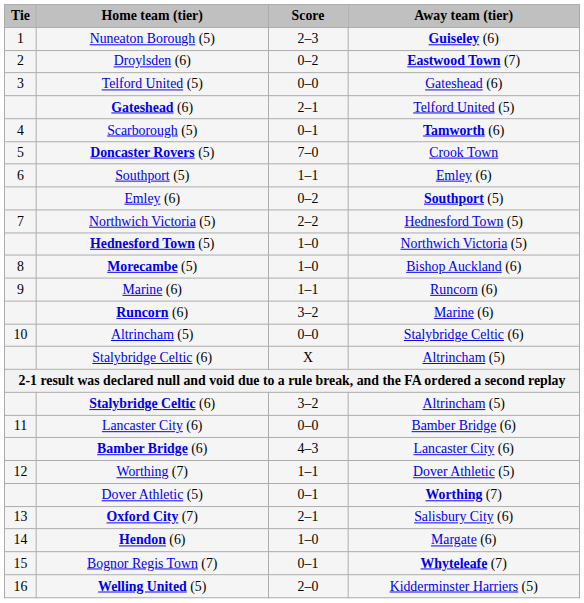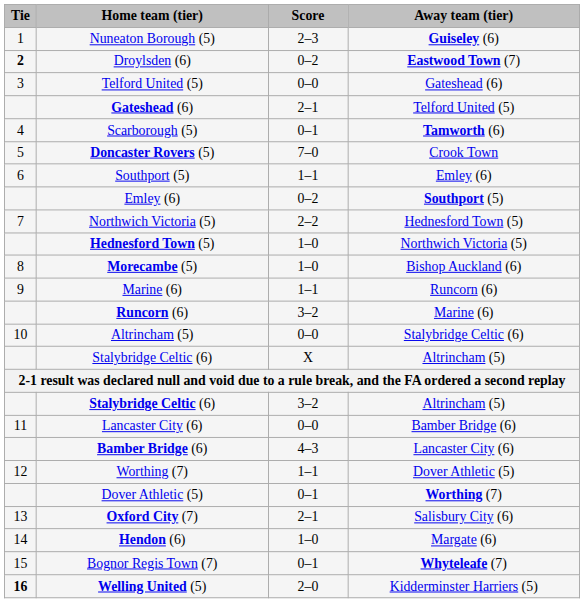 <table class="wikitable" style="width: 600px; background:WhiteSmoke; text-align:center; font-size:90%">
 <tr>
 <td scope="col" style="width:  5.00%; background:silver;"><strong>Tie</strong></td>
 <td scope="col" style="width: 36.25%; background:silver;"><strong>Home team (tier)</strong></td>
 <td scope="col" style="width: 12.50%; background:silver;"><strong>Score</strong></td>
 <td scope="col" style="width: 36.25%; background:silver;"><strong>Away team (tier)</strong></td>
 </tr>
 <tr>
 <td>1</td>
 <td><a href='#'>Nuneaton Borough</a> (5)</td>
 <td>2–3</td>
 <td><strong><a href='#'>Guiseley</a></strong> (6)</td>
 </tr>
 <tr>
-<td>2</td>
+<td><strong>2</strong></td>
 <td><a href='#'>Droylsden</a> (6)</td>
 <td>0–2</td>
 <td><strong><a href='#'>Eastwood Town</a></strong> (7)</td>
 </tr>
 <tr>
 <td>3</td>
 <td><a href='#'>Telford United</a> (5)</td>
 <td>0–0</td>
 <td><a href='#'>Gateshead</a> (6)</td>
 </tr>
 <tr>
 <td><em></em></td>
 <td><strong><a href='#'>Gateshead</a></strong> (6)</td>
 <td>2–1</td>
 <td><a href='#'>Telford United</a> (5)</td>
 </tr>
 <tr>
 <td>4</td>
 <td><a href='#'>Scarborough</a> (5)</td>
 <td>0–1</td>
 <td><strong><a href='#'>Tamworth</a></strong> (6)</td>
 </tr>
 <tr>
 <td>5</td>
 <td><strong><a href='#'>Doncaster Rovers</a></strong> (5)</td>
 <td>7–0</td>
 <td><a href='#'>Crook Town</a></td>
 </tr>
 <tr>
 <td>6</td>
 <td><a href='#'>Southport</a> (5)</td>
 <td>1–1</td>
 <td><a href='#'>Emley</a> (6)</td>
 </tr>
 <tr>
 <td><em></em></td>
 <td><a href='#'>Emley</a> (6)</td>
 <td>0–2</td>
 <td><strong><a href='#'>Southport</a></strong> (5)</td>
 </tr>
 <tr>
 <td>7</td>
 <td><a href='#'>Northwich Victoria</a> (5)</td>
 <td>2–2</td>
 <td><a href='#'>Hednesford Town</a> (5)</td>
 </tr>
 <tr>
 <td><em></em></td>
 <td><strong><a href='#'>Hednesford Town</a></strong> (5)</td>
 <td>1–0</td>
 <td><a href='#'>Northwich Victoria</a> (5)</td>
 </tr>
 <tr>
 <td>8</td>
 <td><strong><a href='#'>Morecambe</a></strong> (5)</td>
 <td>1–0</td>
 <td><a href='#'>Bishop Auckland</a> (6)</td>
 </tr>
 <tr>
 <td>9</td>
 <td><a href='#'>Marine</a> (6)</td>
 <td>1–1</td>
 <td><a href='#'>Runcorn</a> (6)</td>
 </tr>
 <tr>
 <td><em></em></td>
 <td><strong><a href='#'>Runcorn</a></strong> (6)</td>
 <td>3–2</td>
 <td><a href='#'>Marine</a> (6)</td>
 </tr>
 <tr>
 <td>10</td>
 <td><a href='#'>Altrincham</a> (5)</td>
 <td>0–0</td>
 <td><a href='#'>Stalybridge Celtic</a> (6)</td>
 </tr>
 <tr>
 <td><em></em></td>
 <td><a href='#'>Stalybridge Celtic</a> (6)</td>
 <td>X</td>
 <td><a href='#'>Altrincham</a> (5)</td>
 </tr>
 <tr>
 <th colspan="5">2-1 result was declared null and void due to a rule break, and the FA ordered a second replay</th>
 </tr>
 <tr>
 <td><em></em></td>
 <td><strong><a href='#'>Stalybridge Celtic</a></strong> (6)</td>
 <td>3–2</td>
 <td><a href='#'>Altrincham</a> (5)</td>
 </tr>
 <tr>
 <td>11</td>
 <td><a href='#'>Lancaster City</a> (6)</td>
 <td>0–0</td>
 <td><a href='#'>Bamber Bridge</a> (6)</td>
 </tr>
 <tr>
 <td><em></em></td>
 <td><strong><a href='#'>Bamber Bridge</a></strong> (6)</td>
 <td>4–3</td>
 <td><a href='#'>Lancaster City</a> (6)</td>
 </tr>
 <tr>
 <td>12</td>
 <td><a href='#'>Worthing</a> (7)</td>
 <td>1–1</td>
 <td><a href='#'>Dover Athletic</a> (5)</td>
 </tr>
 <tr>
 <td><em></em></td>
 <td><a href='#'>Dover Athletic</a> (5)</td>
 <td>0–1</td>
 <td><strong><a href='#'>Worthing</a></strong> (7)</td>
 </tr>
 <tr>
 <td>13</td>
 <td><strong><a href='#'>Oxford City</a></strong> (7)</td>
 <td>2–1</td>
 <td><a href='#'>Salisbury City</a> (6)</td>
 </tr>
 <tr>
 <td>14</td>
 <td><strong><a href='#'>Hendon</a></strong> (6)</td>
 <td>1–0</td>
 <td><a href='#'>Margate</a> (6)</td>
 </tr>
 <tr>
 <td>15</td>
 <td><a href='#'>Bognor Regis Town</a> (7)</td>
 <td>0–1</td>
 <td><strong><a href='#'>Whyteleafe</a></strong> (7)</td>
 </tr>
 <tr>
-<td>16</td>
+<td><strong>16</strong></td>
 <td><strong><a href='#'>Welling United</a></strong> (5)</td>
 <td>2–0</td>
 <td><a href='#'>Kidderminster Harriers</a> (5)</td>
 </tr>
 </table>
